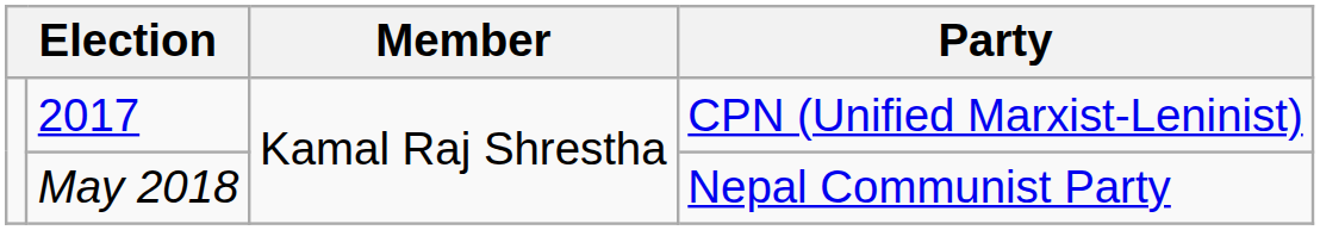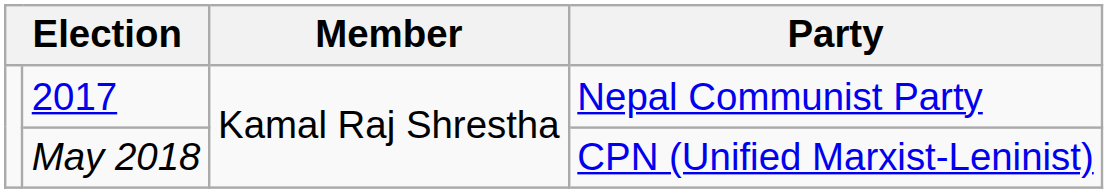 <table class="wikitable">
 <tr>
 <th colspan="2">Election</th>
 <th>Member</th>
 <th>Party</th>
 </tr>
 <tr>
 <td rowspan="2" style="background-color:"></td>
 <td><a href='#'>2017</a></td>
 <td rowspan="2">Kamal Raj Shrestha</td>
-<td><a href='#'>CPN (Unified Marxist-Leninist)</a></td>
+<td><a href='#'>Nepal Communist Party</a></td>
 </tr>
 <tr>
 <td><em>May 2018</em></td>
-<td><a href='#'>Nepal Communist Party</a></td>
+<td><a href='#'>CPN (Unified Marxist-Leninist)</a></td>
 </tr>
 </table>
